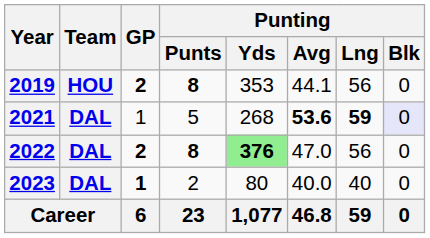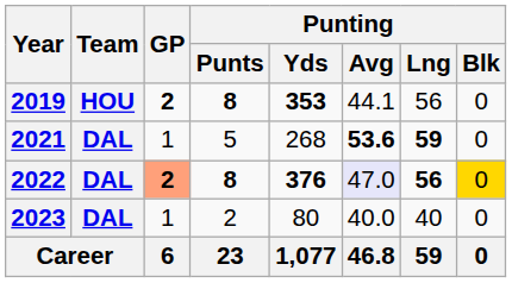 <table class="wikitable" style="text-align:center;">
 <tr>
 <th rowspan="2">Year</th>
 <th rowspan="2">Team</th>
 <th rowspan="2">GP</th>
 <th colspan="5">Punting</th>
 </tr>
 <tr>
 <th>Punts</th>
 <th>Yds</th>
 <th>Avg</th>
 <th>Lng</th>
 <th>Blk</th>
 </tr>
 <tr>
 <th><a href='#'>2019</a></th>
 <th><a href='#'>HOU</a></th>
 <td><strong>2</strong></td>
 <td><strong>8</strong></td>
-<td>353</td>
+<td><strong>353</strong></td>
 <td>44.1</td>
 <td>56</td>
 <td>0</td>
 </tr>
 <tr>
 <th><a href='#'>2021</a></th>
 <th><a href='#'>DAL</a></th>
 <td>1</td>
 <td>5</td>
 <td>268</td>
 <td><strong>53.6</strong></td>
 <td><strong>59</strong></td>
-<td style="background: lavender;">0</td>
+<td>0</td>
 </tr>
 <tr>
 <th><a href='#'>2022</a></th>
 <th><a href='#'>DAL</a></th>
-<td><strong>2</strong></td>
+<td style="background: lightsalmon;"><strong>2</strong></td>
 <td><strong>8</strong></td>
-<td style="background: lightgreen;"><strong>376</strong></td>
-<td>47.0</td>
-<td>56</td>
-<td>0</td>
+<td><strong>376</strong></td>
+<td style="background: lavender;">47.0</td>
+<td><strong>56</strong></td>
+<td style="background: gold;">0</td>
 </tr>
 <tr>
 <th><a href='#'>2023</a></th>
 <th><a href='#'>DAL</a></th>
-<td><strong>1</strong></td>
+<td>1</td>
 <td>2</td>
 <td>80</td>
 <td>40.0</td>
 <td>40</td>
 <td>0</td>
 </tr>
 <tr>
 <th colspan="2">Career</th>
 <th>6</th>
 <th>23</th>
 <th>1,077</th>
 <th>46.8</th>
 <th>59</th>
 <th>0</th>
 </tr>
 </table>
